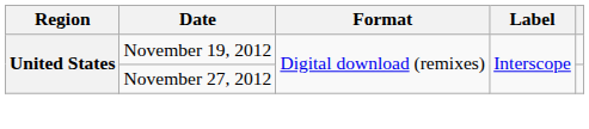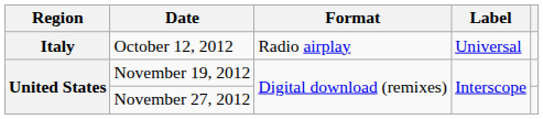 <table class="wikitable plainrowheaders">
 <tr>
 <th scope="col">Region</th>
 <th scope="col">Date</th>
 <th scope="col">Format</th>
 <th scope="col">Label</th>
 <th scope="col"></th>
+</tr>
+<tr>
+<th scope="row">Italy</th>
+<td>October 12, 2012</td>
+<td>Radio <a href='#'>airplay</a></td>
+<td><a href='#'>Universal</a></td>
+<td></td>
 </tr>
 <tr>
 <th scope="row" rowspan="2">United States</th>
 <td>November 19, 2012</td>
 <td rowspan="2"><a href='#'>Digital download</a> (remixes)</td>
 <td rowspan="2"><a href='#'>Interscope</a></td>
 <td></td>
 </tr>
 <tr>
 <td>November 27, 2012</td>
 <td></td>
 </tr>
 </table>
